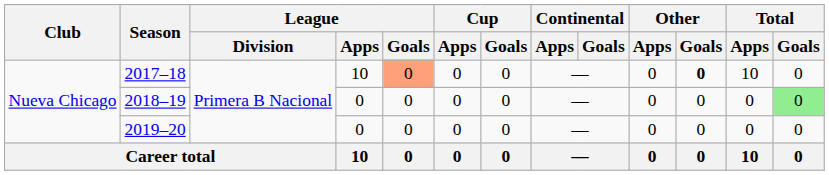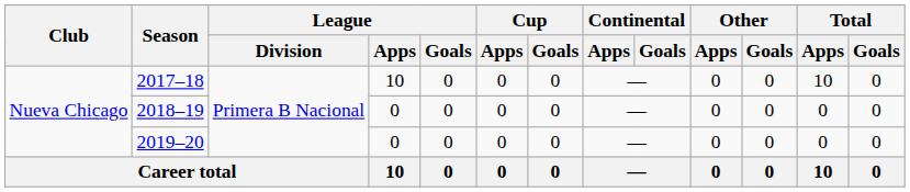 <table class="wikitable" style="text-align:center">
 <tr>
 <th rowspan="2">Club</th>
 <th rowspan="2">Season</th>
 <th colspan="3">League</th>
 <th colspan="2">Cup</th>
 <th colspan="2">Continental</th>
 <th colspan="2">Other</th>
 <th colspan="2">Total</th>
 </tr>
 <tr>
 <th>Division</th>
 <th>Apps</th>
 <th>Goals</th>
 <th>Apps</th>
 <th>Goals</th>
 <th>Apps</th>
 <th>Goals</th>
 <th>Apps</th>
 <th>Goals</th>
 <th>Apps</th>
 <th>Goals</th>
 </tr>
 <tr>
 <td rowspan="3"><a href='#'>Nueva Chicago</a></td>
 <td><a href='#'>2017–18</a></td>
 <td rowspan="3"><a href='#'>Primera B Nacional</a></td>
 <td>10</td>
-<td style="background: lightsalmon;">0</td>
+<td>0</td>
 <td>0</td>
 <td>0</td>
 <td colspan="2">—</td>
 <td>0</td>
-<td><strong>0</strong></td>
+<td>0</td>
 <td>10</td>
 <td>0</td>
 </tr>
 <tr>
 <td><a href='#'>2018–19</a></td>
 <td>0</td>
 <td>0</td>
 <td>0</td>
 <td>0</td>
 <td colspan="2">—</td>
 <td>0</td>
 <td>0</td>
 <td>0</td>
-<td style="background: lightgreen;">0</td>
+<td>0</td>
 </tr>
 <tr>
 <td><a href='#'>2019–20</a></td>
 <td>0</td>
 <td>0</td>
 <td>0</td>
 <td>0</td>
 <td colspan="2">—</td>
 <td>0</td>
 <td>0</td>
 <td>0</td>
 <td>0</td>
 </tr>
 <tr>
 <th colspan="3">Career total</th>
 <th>10</th>
 <th>0</th>
 <th>0</th>
 <th>0</th>
 <th colspan="2">—</th>
 <th>0</th>
 <th>0</th>
 <th>10</th>
 <th>0</th>
 </tr>
 </table>
